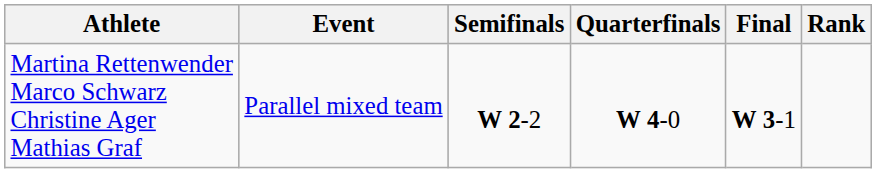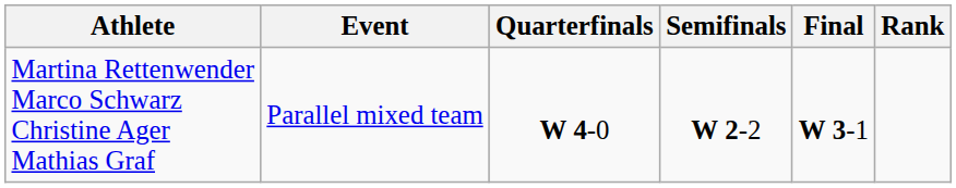 <table class="wikitable">
 <tr>
 <th>Athlete</th>
 <th>Event</th>
+<th>Quarterfinals</th>
 <th>Semifinals</th>
-<th>Quarterfinals</th>
 <th>Final</th>
 <th>Rank</th>
 </tr>
 <tr>
 <td><a href='#'>Martina Rettenwender</a><br><a href='#'>Marco Schwarz</a><br><a href='#'>Christine Ager</a><br><a href='#'>Mathias Graf</a></td>
 <td><a href='#'>Parallel mixed team</a></td>
+<td align="center"><br><strong>W</strong> <strong>4</strong>-0</td>
 <td align="center"><br><strong>W</strong> <strong>2</strong>-2</td>
-<td align="center"><br><strong>W</strong> <strong>4</strong>-0</td>
 <td align="center"><br><strong>W</strong> <strong>3</strong>-1</td>
 <td align="center"></td>
 </tr>
 </table>
